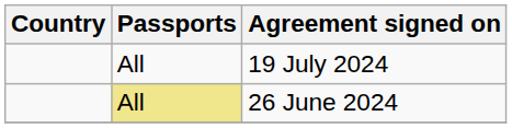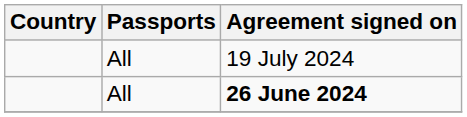 <table class="wikitable">
 <tr>
 <th>Country</th>
 <th>Passports</th>
 <th>Agreement signed on</th>
 </tr>
 <tr>
 <td></td>
 <td>All</td>
 <td>19 July 2024</td>
 </tr>
 <tr>
 <td></td>
-<td style="background: khaki;">All</td>
-<td>26 June 2024</td>
+<td>All</td>
+<td><strong>26 June 2024</strong></td>
 </tr>
 <tr>
 </tr>
 </table>
